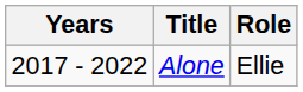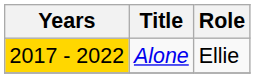 <table class="wikitable">
 <tr>
 <th>Years</th>
 <th>Title</th>
 <th>Role</th>
 </tr>
 <tr>
-<td>2017 - 2022</td>
+<td style="background: gold;">2017 - 2022</td>
 <td><em><a href='#'>Alone</a></em></td>
 <td>Ellie</td>
 </tr>
 <tr>
 </tr>
 </table>
